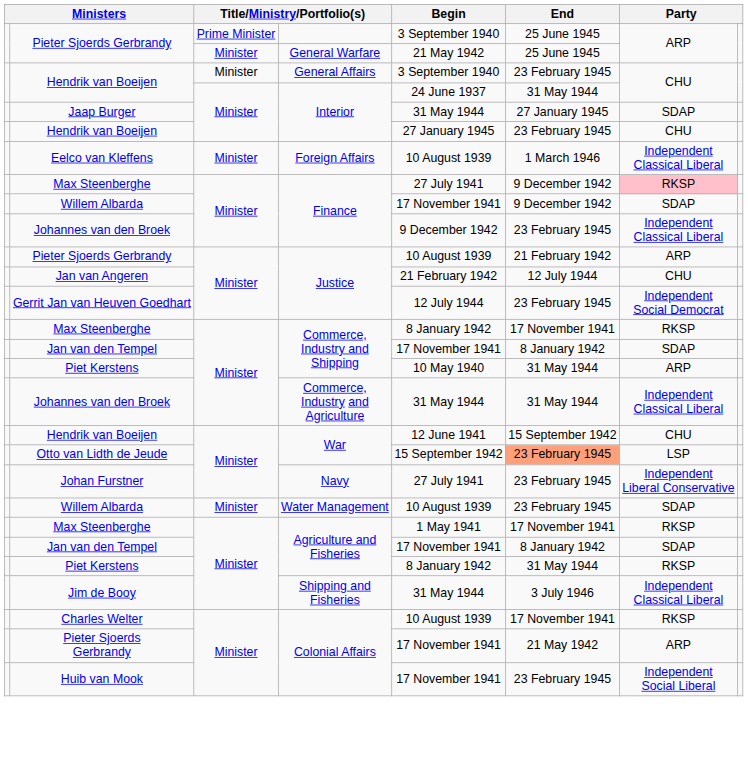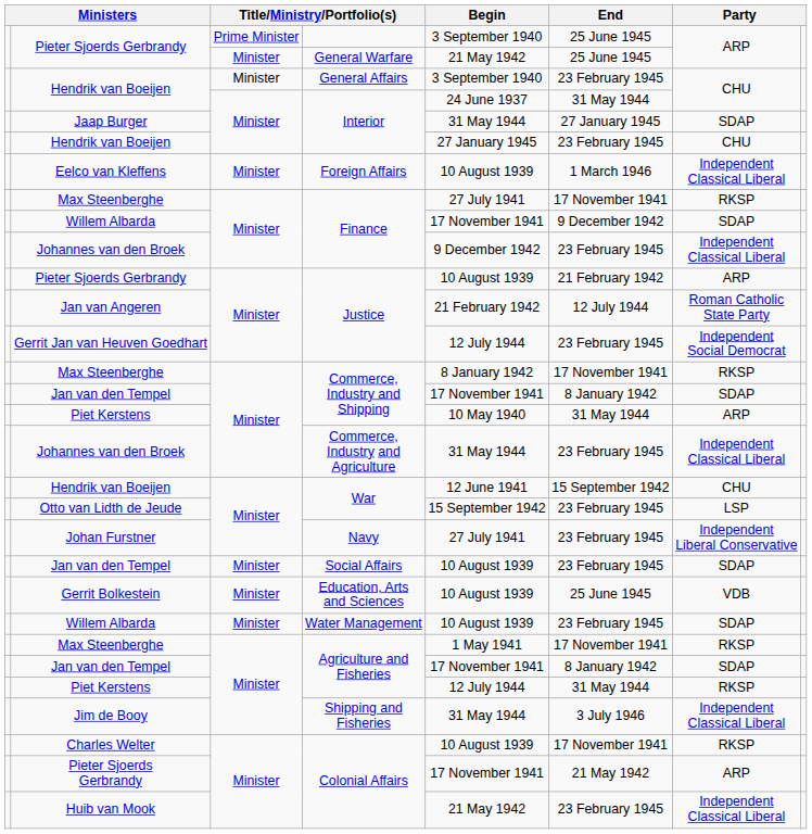 <table class="wikitable" style="text-align:center">
 <tr>
 <th colspan=2><a href='#'>Ministers</a></th>
 <th colspan=2>Title/<a href='#'>Ministry</a>/Portfolio(s)</th>
 <th>Begin</th>
 <th>End</th>
 <th colspan=2>Party</th>
 </tr>
 <tr>
 <td rowspan=2></td>
 <td rowspan=2><a href='#'>Pieter Sjoerds Gerbrandy</a></td>
 <td><a href='#'>Prime Minister</a></td>
 <td></td>
 <td>3 September 1940</td>
 <td>25 June 1945</td>
 <td rowspan=2>ARP</td>
 <td rowspan=2 style="background:"></td>
 </tr>
 <tr>
 <td><a href='#'>Minister</a></td>
 <td><a href='#'>General Warfare</a></td>
 <td>21 May 1942</td>
 <td>25 June 1945</td>
 </tr>
 <tr>
 <td rowspan=2></td>
 <td rowspan=2><a href='#'>Hendrik van Boeijen</a></td>
 <td>Minister</td>
 <td><a href='#'>General Affairs</a></td>
 <td>3 September 1940</td>
 <td>23 February 1945</td>
 <td rowspan=2>CHU</td>
 <td rowspan=2 style="background:"></td>
 </tr>
 <tr>
 <td rowspan=3><a href='#'>Minister</a></td>
 <td rowspan=3><a href='#'>Interior</a></td>
 <td>24 June 1937</td>
 <td>31 May 1944</td>
 </tr>
 <tr>
 <td></td>
 <td><a href='#'>Jaap Burger</a></td>
 <td>31 May 1944</td>
 <td>27 January 1945</td>
 <td>SDAP</td>
 <td style="background:"></td>
 </tr>
 <tr>
 <td></td>
 <td><a href='#'>Hendrik van Boeijen</a></td>
 <td>27 January 1945</td>
 <td>23 February 1945</td>
 <td>CHU</td>
 <td style="background:"></td>
 </tr>
 <tr>
 <td></td>
 <td><a href='#'>Eelco van Kleffens</a></td>
 <td><a href='#'>Minister</a></td>
 <td><a href='#'>Foreign Affairs</a></td>
 <td>10 August 1939</td>
 <td>1 March 1946</td>
 <td><a href='#'>Independent</a> <br> <a href='#'>Classical Liberal</a></td>
 <td style="background:"></td>
 </tr>
 <tr>
 <td></td>
 <td><a href='#'>Max Steenberghe</a></td>
 <td rowspan=3><a href='#'>Minister</a></td>
 <td rowspan=3><a href='#'>Finance</a></td>
 <td>27 July 1941</td>
-<td>9 December 1942</td>
-<td style="background: pink;">RKSP</td>
+<td>17 November 1941</td>
+<td>RKSP</td>
 <td style="background:"></td>
 </tr>
 <tr>
 <td></td>
 <td><a href='#'>Willem Albarda</a></td>
 <td>17 November 1941</td>
 <td>9 December 1942</td>
 <td>SDAP</td>
 <td style="background:"></td>
 </tr>
 <tr>
 <td></td>
 <td><a href='#'>Johannes van den Broek</a></td>
 <td>9 December 1942</td>
 <td>23 February 1945</td>
 <td><a href='#'>Independent</a> <br> <a href='#'>Classical Liberal</a></td>
 <td style="background:"></td>
 </tr>
 <tr>
 <td></td>
 <td><a href='#'>Pieter Sjoerds Gerbrandy</a></td>
 <td rowspan=3><a href='#'>Minister</a></td>
 <td rowspan=3><a href='#'>Justice</a></td>
 <td>10 August 1939</td>
 <td>21 February 1942</td>
 <td>ARP</td>
 <td style="background:"></td>
 </tr>
 <tr>
 <td></td>
 <td><a href='#'>Jan van Angeren</a></td>
 <td>21 February 1942</td>
 <td>12 July 1944</td>
-<td>CHU</td>
+<td><a href='#'>Roman Catholic <br> State Party</a></td>
 <td style="background:"></td>
 </tr>
 <tr>
 <td></td>
 <td><a href='#'>Gerrit Jan van Heuven Goedhart</a></td>
 <td>12 July 1944</td>
 <td>23 February 1945</td>
 <td><a href='#'>Independent</a> <br> <a href='#'>Social Democrat</a></td>
 <td style="background:"></td>
 </tr>
 <tr>
 <td></td>
 <td><a href='#'>Max Steenberghe</a></td>
 <td rowspan=4><a href='#'>Minister</a></td>
 <td rowspan=3><a href='#'>Commerce, <br> Industry and <br> Shipping</a></td>
 <td>8 January 1942</td>
 <td>17 November 1941</td>
 <td>RKSP</td>
 <td style="background:"></td>
 </tr>
 <tr>
 <td></td>
 <td><a href='#'>Jan van den Tempel</a></td>
 <td>17 November 1941</td>
 <td>8 January 1942</td>
 <td>SDAP</td>
 <td style="background:"></td>
 </tr>
 <tr>
 <td></td>
 <td><a href='#'>Piet Kerstens</a></td>
 <td>10 May 1940</td>
 <td>31 May 1944</td>
 <td>ARP</td>
 <td style="background:"></td>
 </tr>
 <tr>
 <td></td>
 <td><a href='#'>Johannes van den Broek</a></td>
 <td><a href='#'>Commerce, <br> Industry</a> <a href='#'>and <br> Agriculture</a></td>
 <td>31 May 1944</td>
-<td>31 May 1944</td>
+<td>23 February 1945</td>
 <td><a href='#'>Independent</a> <br> <a href='#'>Classical Liberal</a></td>
 <td style="background:"></td>
 </tr>
 <tr>
 <td></td>
 <td><a href='#'>Hendrik van Boeijen</a></td>
 <td rowspan=3><a href='#'>Minister</a></td>
 <td rowspan=2><a href='#'>War</a></td>
 <td>12 June 1941</td>
 <td>15 September 1942</td>
 <td>CHU</td>
 <td style="background:"></td>
 </tr>
 <tr>
 <td></td>
 <td><a href='#'>Otto van Lidth de Jeude</a></td>
 <td>15 September 1942</td>
-<td style="background: lightsalmon;">23 February 1945</td>
+<td>23 February 1945</td>
 <td>LSP</td>
 <td style="background:"></td>
 </tr>
 <tr>
 <td></td>
 <td><a href='#'>Johan Furstner</a></td>
 <td><a href='#'>Navy</a></td>
 <td>27 July 1941</td>
 <td>23 February 1945</td>
 <td><a href='#'>Independent</a> <br> <a href='#'>Liberal Conservative</a></td>
+<td style="background:"></td>
+</tr>
+<tr>
+<td></td>
+<td><a href='#'>Jan van den Tempel</a></td>
+<td><a href='#'>Minister</a></td>
+<td><a href='#'>Social Affairs</a></td>
+<td>10 August 1939</td>
+<td>23 February 1945</td>
+<td>SDAP</td>
+<td style="background:"></td>
+</tr>
+<tr>
+<td></td>
+<td><a href='#'>Gerrit Bolkestein</a></td>
+<td><a href='#'>Minister</a></td>
+<td><a href='#'>Education, Arts <br> and Sciences</a></td>
+<td>10 August 1939</td>
+<td>25 June 1945</td>
+<td>VDB</td>
 <td style="background:"></td>
 </tr>
 <tr>
 <td></td>
 <td><a href='#'>Willem Albarda</a></td>
 <td><a href='#'>Minister</a></td>
 <td><a href='#'>Water Management</a></td>
 <td>10 August 1939</td>
 <td>23 February 1945</td>
 <td>SDAP</td>
 <td style="background:"></td>
 </tr>
 <tr>
 <td></td>
 <td><a href='#'>Max Steenberghe</a></td>
 <td rowspan=4><a href='#'>Minister</a></td>
 <td rowspan=3><a href='#'>Agriculture and <br> Fisheries</a></td>
 <td>1 May 1941</td>
 <td>17 November 1941</td>
 <td>RKSP</td>
 <td style="background:"></td>
 </tr>
 <tr>
 <td></td>
 <td><a href='#'>Jan van den Tempel</a></td>
 <td>17 November 1941</td>
 <td>8 January 1942</td>
 <td>SDAP</td>
 <td style="background:"></td>
 </tr>
 <tr>
 <td></td>
 <td><a href='#'>Piet Kerstens</a></td>
-<td>8 January 1942</td>
+<td>12 July 1944</td>
 <td>31 May 1944</td>
 <td>RKSP</td>
 <td style="background:"></td>
 </tr>
 <tr>
 <td></td>
 <td><a href='#'>Jim de Booy</a></td>
 <td><a href='#'>Shipping and <br> Fisheries</a></td>
 <td>31 May 1944</td>
 <td>3 July 1946</td>
 <td><a href='#'>Independent</a> <br> <a href='#'>Classical Liberal</a></td>
 <td style="background:"></td>
 </tr>
 <tr>
 <td></td>
 <td><a href='#'>Charles Welter</a></td>
 <td rowspan=3><a href='#'>Minister</a></td>
 <td rowspan=3><a href='#'>Colonial Affairs</a></td>
 <td>10 August 1939</td>
 <td>17 November 1941</td>
 <td>RKSP</td>
 <td style="background:"></td>
 </tr>
 <tr>
 <td></td>
 <td><a href='#'>Pieter Sjoerds <br> Gerbrandy</a></td>
 <td>17 November 1941</td>
 <td>21 May 1942</td>
 <td>ARP</td>
 <td style="background:"></td>
 </tr>
 <tr>
 <td></td>
 <td><a href='#'>Huib van Mook</a></td>
-<td>17 November 1941</td>
+<td>21 May 1942</td>
 <td>23 February 1945</td>
-<td><a href='#'>Independent</a> <br> <a href='#'>Social Liberal</a></td>
+<td><a href='#'>Independent</a> <br> <a href='#'>Classical Liberal</a></td>
 <td style="background:"></td>
 </tr>
 </table>
